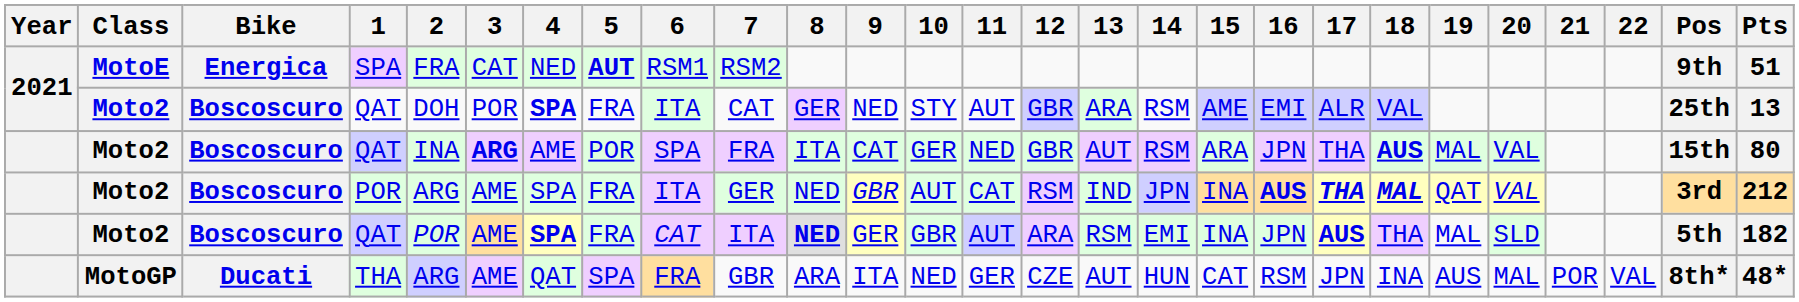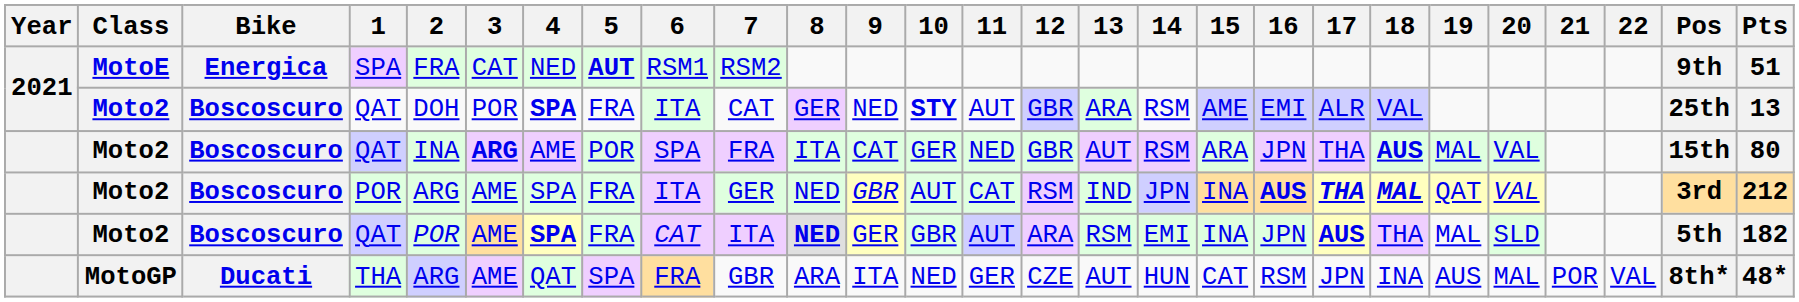 <table class="wikitable" style="text-align:center;">
 <tr>
 <th>Year</th>
 <th>Class</th>
 <th>Bike</th>
 <th>1</th>
 <th>2</th>
 <th>3</th>
 <th>4</th>
 <th>5</th>
 <th>6</th>
 <th>7</th>
 <th>8</th>
 <th>9</th>
 <th>10</th>
 <th>11</th>
 <th>12</th>
 <th>13</th>
 <th>14</th>
 <th>15</th>
 <th>16</th>
 <th>17</th>
 <th>18</th>
 <th>19</th>
 <th>20</th>
 <th>21</th>
 <th>22</th>
 <th>Pos</th>
 <th>Pts</th>
 </tr>
 <tr>
 <th rowspan="2">2021</th>
 <th><a href='#'>MotoE</a></th>
 <th><a href='#'>Energica</a></th>
 <td style="background:#efcfff;"><a href='#'>SPA</a><br></td>
 <td style="background:#dfffdf;"><a href='#'>FRA</a><br></td>
 <td style="background:#dfffdf;"><a href='#'>CAT</a><br></td>
 <td style="background:#dfffdf;"><a href='#'>NED</a><br></td>
 <td style="background:#dfffdf;"><strong><a href='#'>AUT</a></strong><br></td>
 <td style="background:#dfffdf;"><a href='#'>RSM1</a><br></td>
 <td style="background:#dfffdf;"><a href='#'>RSM2</a><br></td>
 <td></td>
 <td></td>
 <td></td>
 <td></td>
 <td></td>
 <td></td>
 <td></td>
 <td></td>
 <td></td>
 <td></td>
 <td></td>
 <td></td>
 <td></td>
 <td></td>
 <td></td>
 <th>9th</th>
 <th>51</th>
 </tr>
 <tr>
 <th><a href='#'>Moto2</a></th>
 <th><a href='#'>Boscoscuro</a></th>
 <td><a href='#'>QAT</a></td>
 <td><a href='#'>DOH</a></td>
 <td><a href='#'>POR</a></td>
 <td><strong><a href='#'>SPA</a></strong></td>
 <td><a href='#'>FRA</a></td>
 <td style="background:#dfffdf;"><a href='#'>ITA</a><br></td>
 <td><a href='#'>CAT</a></td>
 <td style="background:#efcfff;"><a href='#'>GER</a><br></td>
 <td><a href='#'>NED</a></td>
-<td><a href='#'>STY</a></td>
+<td><strong><a href='#'>STY</a></strong></td>
 <td><a href='#'>AUT</a></td>
 <td style="background:#cfcfff;"><a href='#'>GBR</a><br></td>
 <td style="background:#dfffdf;"><a href='#'>ARA</a><br></td>
 <td><a href='#'>RSM</a></td>
 <td style="background:#cfcfff;"><a href='#'>AME</a><br></td>
 <td style="background:#cfcfff;"><a href='#'>EMI</a><br></td>
 <td style="background:#cfcfff;"><a href='#'>ALR</a><br></td>
 <td style="background:#cfcfff;"><a href='#'>VAL</a><br></td>
 <td></td>
 <td></td>
 <td></td>
 <td></td>
 <th>25th</th>
 <th>13</th>
 </tr>
 <tr>
 <th></th>
 <th>Moto2</th>
 <th><a href='#'>Boscoscuro</a></th>
 <td style="background:#cfcfff;"><a href='#'>QAT</a><br></td>
 <td style="background:#dfffdf;"><a href='#'>INA</a><br></td>
 <td style="background:#efcfff;"><strong><a href='#'>ARG</a></strong><br></td>
 <td style="background:#efcfff;"><a href='#'>AME</a><br></td>
 <td style="background:#dfffdf;"><a href='#'>POR</a><br></td>
 <td style="background:#efcfff;"><a href='#'>SPA</a><br></td>
 <td style="background:#efcfff;"><a href='#'>FRA</a><br></td>
 <td style="background:#dfffdf;"><a href='#'>ITA</a><br></td>
 <td style="background:#dfffdf;"><a href='#'>CAT</a><br></td>
 <td style="background:#dfffdf;"><a href='#'>GER</a><br></td>
 <td style="background:#dfffdf;"><a href='#'>NED</a><br></td>
 <td style="background:#dfffdf;"><a href='#'>GBR</a><br></td>
 <td style="background:#efcfff;"><a href='#'>AUT</a><br></td>
 <td style="background:#efcfff;"><a href='#'>RSM</a><br></td>
 <td style="background:#dfffdf;"><a href='#'>ARA</a><br></td>
 <td style="background:#efcfff;"><a href='#'>JPN</a><br></td>
 <td style="background:#efcfff;"><a href='#'>THA</a><br></td>
 <td style="background:#dfffdf;"><strong><a href='#'>AUS</a></strong><br></td>
 <td style="background:#dfffdf;"><a href='#'>MAL</a><br></td>
 <td style="background:#dfffdf;"><a href='#'>VAL</a><br></td>
 <td></td>
 <td></td>
 <th>15th</th>
 <th>80</th>
 </tr>
 <tr>
 <th></th>
 <th>Moto2</th>
 <th><a href='#'>Boscoscuro</a></th>
 <td style="background:#dfffdf;"><a href='#'>POR</a><br></td>
 <td style="background:#dfffdf;"><a href='#'>ARG</a><br></td>
 <td style="background:#dfffdf;"><a href='#'>AME</a><br></td>
 <td style="background:#dfffdf;"><a href='#'>SPA</a><br></td>
 <td style="background:#dfffdf;"><a href='#'>FRA</a><br></td>
 <td style="background:#efcfff;"><a href='#'>ITA</a><br></td>
 <td style="background:#dfffdf;"><a href='#'>GER</a><br></td>
 <td style="background:#dfffdf;"><a href='#'>NED</a><br></td>
 <td style="background:#ffffbf;"><em><a href='#'>GBR</a></em><br></td>
 <td style="background:#dfffdf;"><a href='#'>AUT</a><br></td>
 <td style="background:#dfffdf;"><a href='#'>CAT</a><br></td>
 <td style="background:#efcfff;"><a href='#'>RSM</a><br></td>
 <td style="background:#dfffdf;"><a href='#'>IND</a><br></td>
 <td style="background:#cfcfff;"><a href='#'>JPN</a><br></td>
 <td style="background:#ffdf9f;"><a href='#'>INA</a><br></td>
 <td style="background:#ffdf9f;"><strong><a href='#'>AUS</a></strong><br></td>
 <td style="background:#ffffbf;"><strong><em><a href='#'>THA</a></em></strong><br></td>
 <td style="background:#ffffbf;"><strong><em><a href='#'>MAL</a></em></strong><br></td>
 <td style="background:#ffffbf;"><a href='#'>QAT</a><br></td>
 <td style="background:#ffffbf;"><em><a href='#'>VAL</a></em><br></td>
 <td></td>
 <td></td>
 <th style="background:#ffdf9f;">3rd</th>
 <th style="background:#ffdf9f;">212</th>
 </tr>
 <tr>
 <th></th>
 <th>Moto2</th>
 <th><a href='#'>Boscoscuro</a></th>
 <td style="background:#CFCFFF;"><a href='#'>QAT</a><br></td>
 <td style="background:#DFFFDF;"><em><a href='#'>POR</a></em><br></td>
 <td style="background:#FFDF9F;"><a href='#'>AME</a><br></td>
 <td style="background:#FFFFBF;"><strong><a href='#'>SPA</a></strong><br></td>
 <td style="background:#DFFFDF;"><a href='#'>FRA</a><br></td>
 <td style="background:#EFCFFF;"><em><a href='#'>CAT</a></em><br></td>
 <td style="background:#EFCFFF;"><a href='#'>ITA</a><br></td>
 <td style="background:#DFDFDF;"><strong><a href='#'>NED</a></strong><br></td>
 <td style="background:#FFFFBF;"><a href='#'>GER</a><br></td>
 <td style="background:#DFFFDF;"><a href='#'>GBR</a><br></td>
 <td style="background:#CFCFFF;"><a href='#'>AUT</a><br></td>
 <td style="background:#EFCFFF;"><a href='#'>ARA</a><br></td>
 <td style="background:#DFFFDF;"><a href='#'>RSM</a><br></td>
 <td style="background:#DFFFDF;"><a href='#'>EMI</a><br></td>
 <td style="background:#DFFFDF;"><a href='#'>INA</a><br></td>
 <td style="background:#DFFFDF;"><a href='#'>JPN</a><br></td>
 <td style="background:#FFFFBF;"><strong><a href='#'>AUS</a></strong><br></td>
 <td style="background:#EFCFFF;"><a href='#'>THA</a><br></td>
 <td><a href='#'>MAL</a></td>
 <td style="background:#DFFFDF;"><a href='#'>SLD</a><br></td>
 <td></td>
 <td></td>
 <th>5th</th>
 <th>182</th>
 </tr>
 <tr>
 <th></th>
 <th>MotoGP</th>
 <th><a href='#'>Ducati</a></th>
 <td style="background:#DFFFDF;"><a href='#'>THA</a><br></td>
 <td style="background:#CFCFFF;"><a href='#'>ARG</a><br></td>
 <td style="background:#EFCFFF;"><a href='#'>AME</a><br></td>
 <td style="background:#DFFFDF;"><a href='#'>QAT</a><br></td>
 <td style="background:#EFCFFF;"><a href='#'>SPA</a><br></td>
 <td style="background:#FFDF9F;"><a href='#'>FRA</a><br></td>
 <td style="background:#;"><a href='#'>GBR</a><br></td>
 <td style="background:#;"><a href='#'>ARA</a><br></td>
 <td style="background:#;"><a href='#'>ITA</a><br></td>
 <td style="background:#;"><a href='#'>NED</a><br></td>
 <td style="background:#;"><a href='#'>GER</a><br></td>
 <td style="background:#;"><a href='#'>CZE</a><br></td>
 <td style="background:#;"><a href='#'>AUT</a><br></td>
 <td style="background:#;"><a href='#'>HUN</a><br></td>
 <td style="background:#;"><a href='#'>CAT</a><br></td>
 <td style="background:#;"><a href='#'>RSM</a><br></td>
 <td style="background:#;"><a href='#'>JPN</a><br></td>
 <td style="background:#;"><a href='#'>INA</a><br></td>
 <td style="background:#;"><a href='#'>AUS</a><br></td>
 <td style="background:#;"><a href='#'>MAL</a><br></td>
 <td style="background:#;"><a href='#'>POR</a><br></td>
 <td style="background:#;"><a href='#'>VAL</a><br></td>
 <th>8th*</th>
 <th>48*</th>
 </tr>
 </table>
